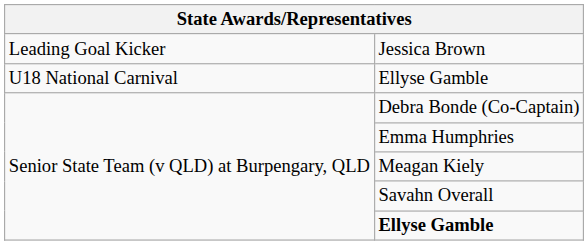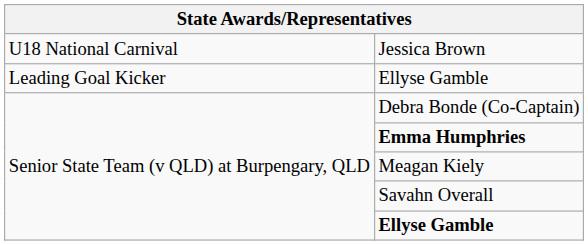 <table class="wikitable">
 <tr>
 <th colspan="2">State Awards/Representatives</th>
 </tr>
 <tr>
-<td>Leading Goal Kicker</td>
+<td>U18 National Carnival</td>
 <td>Jessica Brown</td>
 </tr>
 <tr>
-<td>U18 National Carnival</td>
+<td>Leading Goal Kicker</td>
 <td>Ellyse Gamble</td>
 </tr>
 <tr>
 <td rowspan="5">Senior State Team (v QLD) at Burpengary, QLD</td>
 <td>Debra Bonde (Co-Captain)</td>
 </tr>
 <tr>
-<td>Emma Humphries</td>
+<td><strong>Emma Humphries</strong></td>
 </tr>
 <tr>
 <td>Meagan Kiely</td>
 </tr>
 <tr>
 <td>Savahn Overall</td>
 </tr>
 <tr>
 <td><strong>Ellyse Gamble</strong></td>
 </tr>
 </table>
